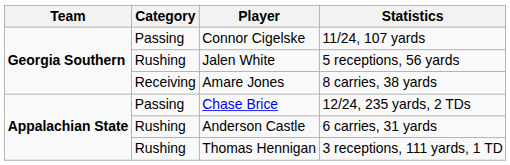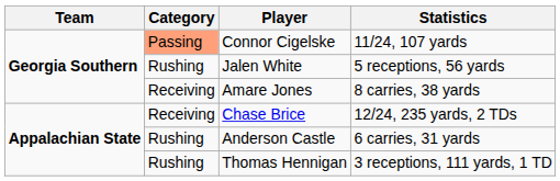 <table class="wikitable" style="float: left;">
 <tr>
 <th>Team</th>
 <th>Category</th>
 <th>Player</th>
 <th>Statistics</th>
 </tr>
 <tr>
 <td rowspan=3><strong>Georgia Southern</strong></td>
-<td>Passing</td>
+<td style="background: lightsalmon;">Passing</td>
 <td>Connor Cigelske</td>
 <td>11/24, 107 yards</td>
 </tr>
 <tr>
 <td>Rushing</td>
 <td>Jalen White</td>
 <td>5 receptions, 56 yards</td>
 </tr>
 <tr>
 <td>Receiving</td>
 <td>Amare Jones</td>
 <td>8 carries, 38 yards</td>
 </tr>
 <tr>
 <td rowspan=3><strong>Appalachian State</strong></td>
-<td>Passing</td>
+<td>Receiving</td>
 <td><a href='#'>Chase Brice</a></td>
 <td>12/24, 235 yards, 2 TDs</td>
 </tr>
 <tr>
 <td>Rushing</td>
 <td>Anderson Castle</td>
 <td>6 carries, 31 yards</td>
 </tr>
 <tr>
 <td>Rushing</td>
 <td>Thomas Hennigan</td>
 <td>3 receptions, 111 yards, 1 TD</td>
 </tr>
 </table>
